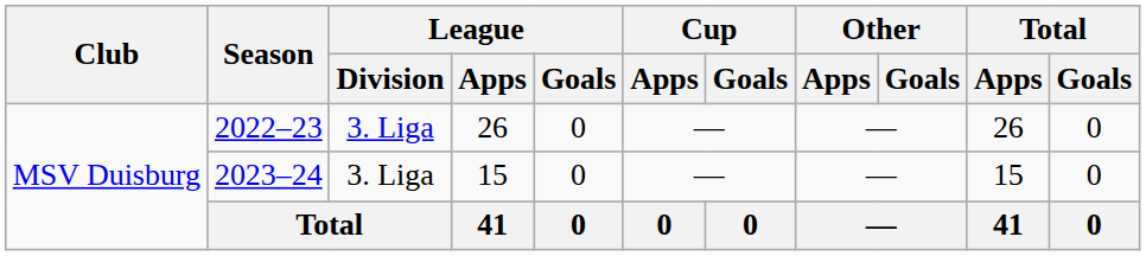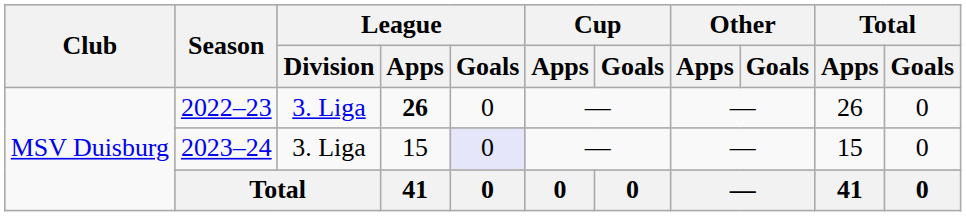 <table class="wikitable" style="text-align:center">
 <tr>
 <th rowspan="2">Club</th>
 <th rowspan="2">Season</th>
 <th colspan="3">League</th>
 <th colspan="2">Cup</th>
 <th colspan="2">Other</th>
 <th colspan="2">Total</th>
 </tr>
 <tr>
 <th>Division</th>
 <th>Apps</th>
 <th>Goals</th>
 <th>Apps</th>
 <th>Goals</th>
 <th>Apps</th>
 <th>Goals</th>
 <th>Apps</th>
 <th>Goals</th>
 </tr>
 <tr>
 <td rowspan=3><a href='#'>MSV Duisburg</a></td>
 <td><a href='#'>2022–23</a></td>
 <td><a href='#'>3. Liga</a></td>
-<td>26</td>
+<td><strong>26</strong></td>
 <td>0</td>
 <td colspan="2">—</td>
 <td colspan="2">—</td>
 <td>26</td>
 <td>0</td>
 </tr>
 <tr>
 <td><a href='#'>2023–24</a></td>
 <td>3. Liga</td>
 <td>15</td>
-<td>0</td>
+<td style="background: lavender;">0</td>
 <td colspan="2">—</td>
 <td colspan="2">—</td>
 <td>15</td>
 <td>0</td>
 </tr>
 <tr>
 <th colspan="2">Total</th>
 <th>41</th>
 <th>0</th>
 <th>0</th>
 <th>0</th>
 <th colspan="2">—</th>
 <th>41</th>
 <th>0</th>
 </tr>
 </table>
